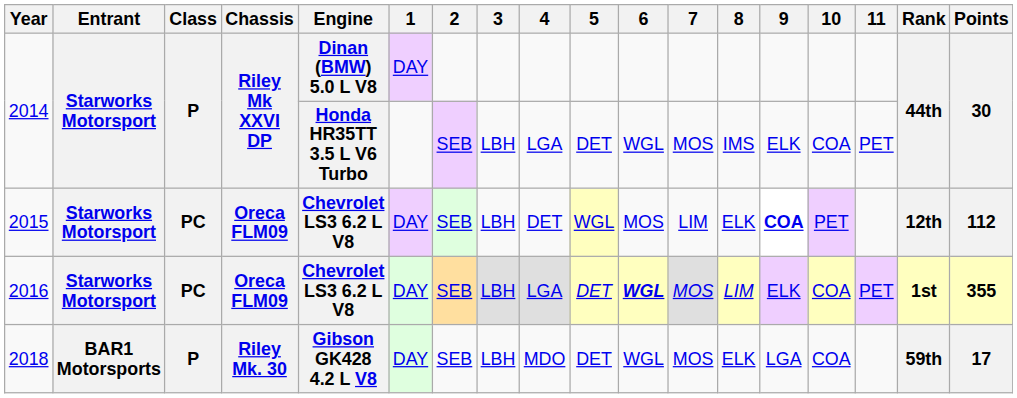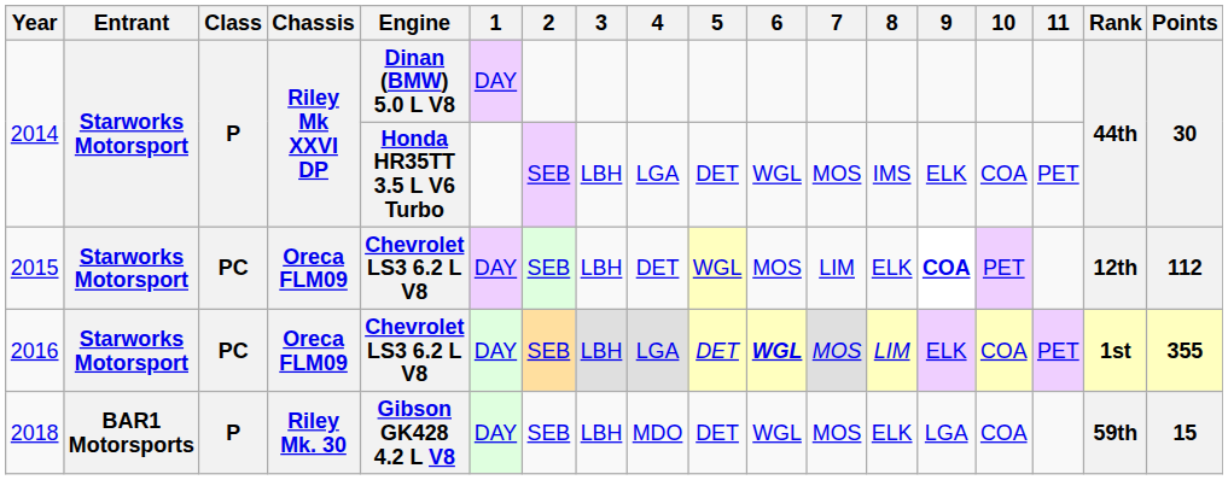 <table class="wikitable" style="text-align:center; font-size:90%">
 <tr>
 <th>Year</th>
 <th>Entrant</th>
 <th>Class</th>
 <th>Chassis</th>
 <th>Engine</th>
 <th>1</th>
 <th>2</th>
 <th>3</th>
 <th>4</th>
 <th>5</th>
 <th>6</th>
 <th>7</th>
 <th>8</th>
 <th>9</th>
 <th>10</th>
 <th>11</th>
 <th>Rank</th>
 <th>Points</th>
 </tr>
 <tr>
 <td rowspan=2><a href='#'>2014</a></td>
 <th rowspan=2><a href='#'>Starworks Motorsport</a></th>
 <th rowspan=2>P</th>
 <th rowspan=2><a href='#'>Riley Mk XXVI DP</a></th>
 <th><a href='#'>Dinan</a> (<a href='#'>BMW</a>) 5.0 L V8</th>
 <td style="background:#EFCFFF;"><a href='#'>DAY</a><br></td>
 <td></td>
 <td></td>
 <td></td>
 <td></td>
 <td></td>
 <td></td>
 <td></td>
 <td></td>
 <td></td>
 <td></td>
 <th rowspan=2>44th</th>
 <th rowspan=2>30</th>
 </tr>
 <tr>
 <th><a href='#'>Honda</a> HR35TT 3.5 L V6 Turbo</th>
 <td></td>
 <td style="background:#EFCFFF;"><a href='#'>SEB</a><br></td>
 <td><a href='#'>LBH</a></td>
 <td><a href='#'>LGA</a></td>
 <td><a href='#'>DET</a></td>
 <td><a href='#'>WGL</a></td>
 <td><a href='#'>MOS</a></td>
 <td><a href='#'>IMS</a></td>
 <td><a href='#'>ELK</a></td>
 <td><a href='#'>COA</a></td>
 <td><a href='#'>PET</a></td>
 </tr>
 <tr>
 <td><a href='#'>2015</a></td>
 <th><a href='#'>Starworks Motorsport</a></th>
 <th>PC</th>
 <th><a href='#'>Oreca FLM09</a></th>
 <th><a href='#'>Chevrolet</a> LS3 6.2 L V8</th>
 <td style="background:#efcfff;"><a href='#'>DAY</a><br></td>
 <td style="background:#dfffdf;"><a href='#'>SEB</a><br></td>
 <td><a href='#'>LBH</a></td>
 <td><a href='#'>DET</a><br></td>
 <td style="background:#ffffbf;"><a href='#'>WGL</a><br></td>
 <td><a href='#'>MOS</a><br></td>
 <td><a href='#'>LIM</a><br></td>
 <td><a href='#'>ELK</a><br></td>
 <td style="background:#ffffff;"><strong><a href='#'>COA</a><br></strong></td>
 <td style="background:#efcfff;"><a href='#'>PET</a><br></td>
 <td></td>
 <th>12th</th>
 <th>112</th>
 </tr>
 <tr>
 <td><a href='#'>2016</a></td>
 <th><a href='#'>Starworks Motorsport</a></th>
 <th>PC</th>
 <th><a href='#'>Oreca FLM09</a></th>
 <th><a href='#'>Chevrolet</a> LS3 6.2 L V8</th>
 <td style="background:#dfffdf;"><a href='#'>DAY</a><br></td>
 <td style="background:#ffdf9f;"><a href='#'>SEB</a><br></td>
 <td style="background:#dfdfdf;"><a href='#'>LBH</a><br></td>
 <td style="background:#dfdfdf;"><a href='#'>LGA</a><br></td>
 <td style="background:#ffffbf;"><em><a href='#'>DET</a></em><br></td>
 <td style="background:#ffffbf;"><strong><em><a href='#'>WGL</a></em></strong><br></td>
 <td style="background:#dfdfdf;"><em><a href='#'>MOS</a></em><br></td>
 <td style="background:#ffffbf;"><em><a href='#'>LIM</a></em><br></td>
 <td style="background:#efcfff;"><a href='#'>ELK</a><br></td>
 <td style="background:#ffffbf;"><a href='#'>COA</a><br></td>
 <td style="background:#efcfff;"><a href='#'>PET</a><br></td>
 <th style="background:#ffffbf;">1st</th>
 <th style="background:#ffffbf;">355</th>
 </tr>
 <tr>
 <td><a href='#'>2018</a></td>
 <th>BAR1 Motorsports</th>
 <th>P</th>
 <th><a href='#'>Riley Mk. 30</a></th>
 <th><a href='#'>Gibson</a> GK428 4.2 L <a href='#'>V8</a></th>
 <td style="background:#DFFFDF;"><a href='#'>DAY</a><br></td>
 <td><a href='#'>SEB</a></td>
 <td><a href='#'>LBH</a></td>
 <td><a href='#'>MDO</a></td>
 <td><a href='#'>DET</a></td>
 <td><a href='#'>WGL</a></td>
 <td><a href='#'>MOS</a></td>
 <td><a href='#'>ELK</a></td>
 <td><a href='#'>LGA</a></td>
 <td><a href='#'>COA</a></td>
 <td></td>
 <th>59th</th>
-<th>17</th>
+<th>15</th>
 </tr>
 </table>
